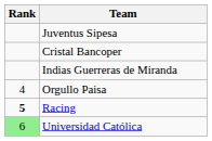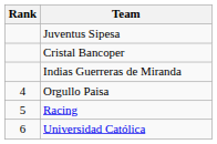 <table class="wikitable" style="text-align: center;">
 <tr>
 <th width=40>Rank</th>
 <th width=220>Team</th>
 </tr>
 <tr align=center>
 <td></td>
 <td style="text-align:left;"> Juventus Sipesa</td>
 </tr>
 <tr align=center>
 <td></td>
 <td style="text-align:left;"> Cristal Bancoper</td>
 </tr>
 <tr align=center>
 <td></td>
 <td style="text-align:left;"> Indias Guerreras de Miranda</td>
 </tr>
 <tr align=center>
 <td>4</td>
 <td style="text-align:left;"> Orgullo Paisa</td>
 </tr>
 <tr align=center>
-<td><strong>5</strong></td>
+<td>5</td>
 <td style="text-align:left;"> <a href='#'>Racing</a></td>
 </tr>
 <tr align=center>
-<td style="background: lightgreen;">6</td>
+<td>6</td>
 <td style="text-align:left;"> <a href='#'>Universidad Católica</a></td>
 </tr>
 </table>
